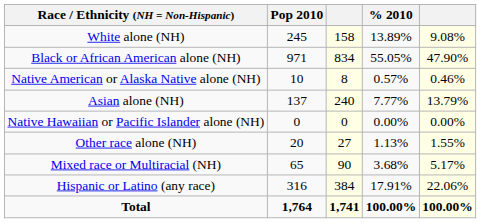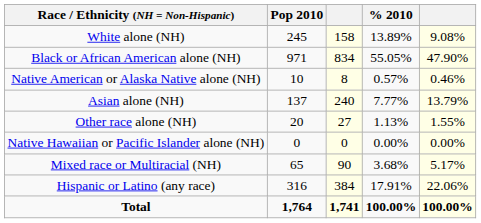 <table class="wikitable" style="text-align:center;">
 <tr>
 <th>Race / Ethnicity <small>(<em>NH = Non-Hispanic</em>)</small></th>
 <th>Pop 2010</th>
 <th></th>
 <th>% 2010</th>
 <th></th>
 </tr>
 <tr>
 <td><a href='#'>White</a> alone (NH)</td>
 <td>245</td>
 <td style='background: #ffffe6;'>158</td>
 <td>13.89%</td>
 <td style='background: #ffffe6;'>9.08%</td>
 </tr>
 <tr>
 <td><a href='#'>Black or African American</a> alone (NH)</td>
 <td>971</td>
 <td style='background: #ffffe6;'>834</td>
 <td>55.05%</td>
 <td style='background: #ffffe6;'>47.90%</td>
 </tr>
 <tr>
 <td><a href='#'>Native American</a> or <a href='#'>Alaska Native</a> alone (NH)</td>
 <td>10</td>
 <td style='background: #ffffe6;'>8</td>
 <td>0.57%</td>
 <td style='background: #ffffe6;'>0.46%</td>
 </tr>
 <tr>
 <td><a href='#'>Asian</a> alone (NH)</td>
 <td>137</td>
 <td style='background: #ffffe6;'>240</td>
 <td>7.77%</td>
 <td style='background: #ffffe6;'>13.79%</td>
 </tr>
 <tr>
+<td><a href='#'>Other race</a> alone (NH)</td>
+<td>20</td>
+<td style='background: #ffffe6;'>27</td>
+<td>1.13%</td>
+<td style='background: #ffffe6;'>1.55%</td>
+</tr>
+<tr>
 <td><a href='#'>Native Hawaiian</a> or <a href='#'>Pacific Islander</a> alone (NH)</td>
 <td>0</td>
 <td style='background: #ffffe6;'>0</td>
 <td>0.00%</td>
 <td style='background: #ffffe6;'>0.00%</td>
-</tr>
-<tr>
-<td><a href='#'>Other race</a> alone (NH)</td>
-<td>20</td>
-<td style='background: #ffffe6;'>27</td>
-<td>1.13%</td>
-<td style='background: #ffffe6;'>1.55%</td>
 </tr>
 <tr>
 <td><a href='#'>Mixed race or Multiracial</a> (NH)</td>
 <td>65</td>
 <td style='background: #ffffe6;'>90</td>
 <td>3.68%</td>
 <td style='background: #ffffe6;'>5.17%</td>
 </tr>
 <tr>
 <td><a href='#'>Hispanic or Latino</a> (any race)</td>
 <td>316</td>
 <td style='background: #ffffe6;'>384</td>
 <td>17.91%</td>
 <td style='background: #ffffe6;'>22.06%</td>
 </tr>
 <tr>
 <td><strong>Total</strong></td>
 <td><strong>1,764</strong></td>
 <td style='background: #ffffe6;'><strong>1,741</strong></td>
 <td><strong>100.00%</strong></td>
 <td style='background: #ffffe6;'><strong>100.00%</strong></td>
 </tr>
 </table>
